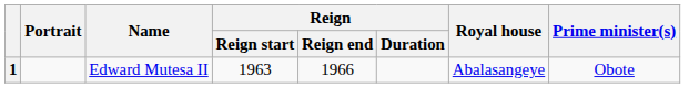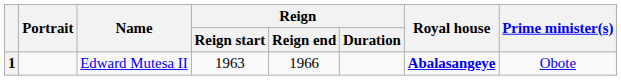 <table class="wikitable" style="text-align:center">
 <tr>
 <th rowspan="2"></th>
 <th rowspan="2">Portrait</th>
 <th rowspan="2">Name<br></th>
 <th colspan="3">Reign</th>
 <th rowspan="2">Royal house</th>
 <th rowspan="2"><a href='#'>Prime minister(s)</a></th>
 </tr>
 <tr>
 <th>Reign start</th>
 <th>Reign end</th>
 <th>Duration</th>
 </tr>
 <tr>
 <th>1</th>
 <td></td>
 <td><a href='#'>Edward Mutesa II</a><br></td>
 <td> 1963</td>
 <td> 1966<br></td>
 <td></td>
-<td><a href='#'>Abalasangeye</a></td>
+<td><strong><a href='#'>Abalasangeye</a></strong></td>
 <td><a href='#'>Obote</a></td>
 </tr>
 </table>
